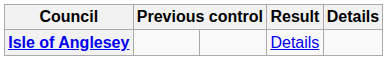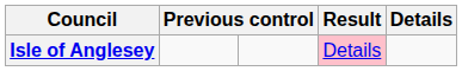 <table class="wikitable">
 <tr>
 <th scope="col">Council</th>
 <th colspan=2>Previous control</th>
 <th colspan=2>Result</th>
 <th scope="col" class="unsortable">Details</th>
 </tr>
 <tr>
 <th scope="row" style="text-align: left;"><a href='#'>Isle of Anglesey</a></th>
 <td></td>
 <td></td>
-<td><a href='#'>Details</a></td>
+<td style="background: pink;"><a href='#'>Details</a></td>
 </tr>
 </table>
